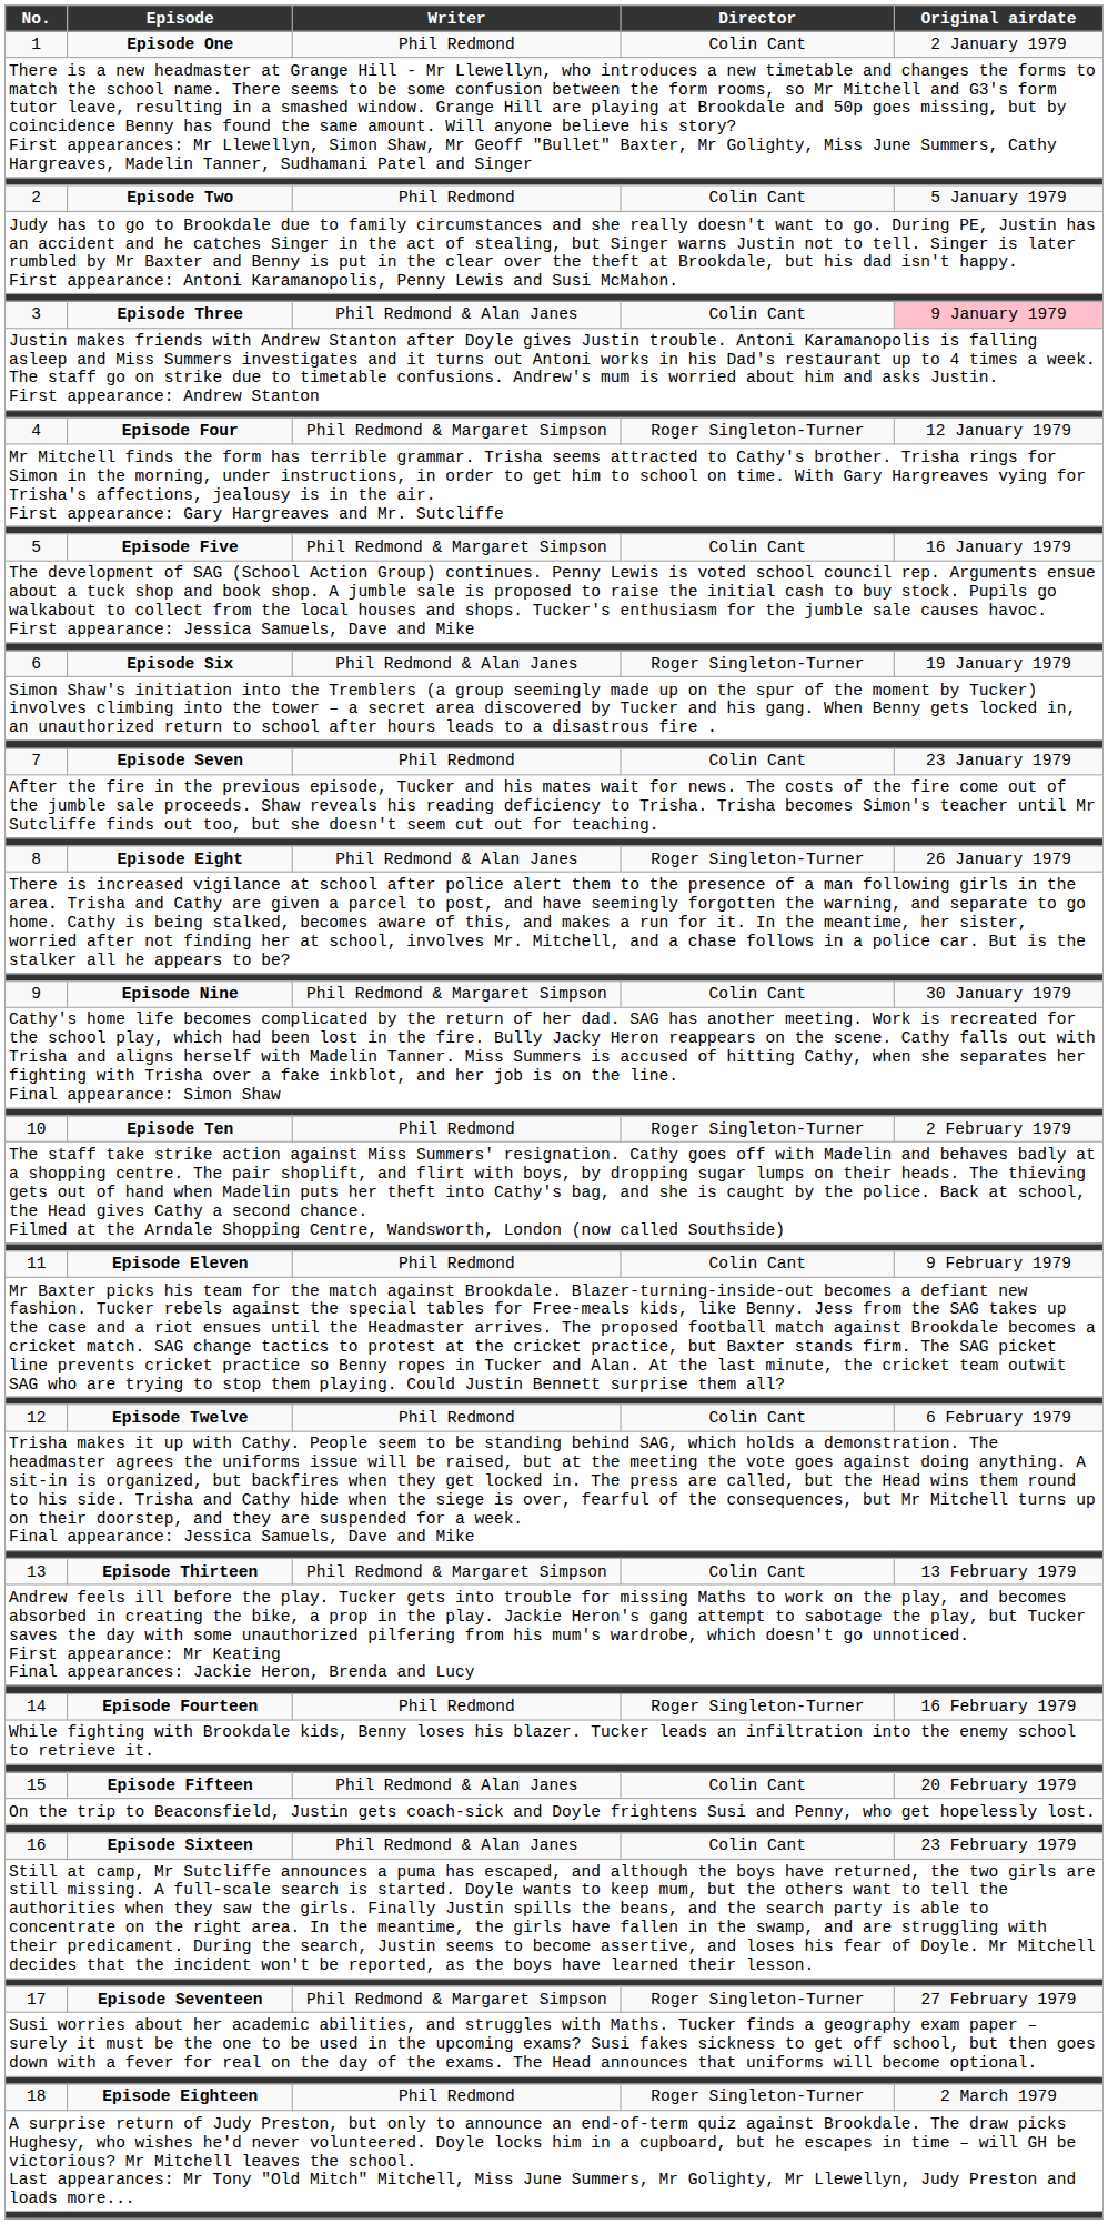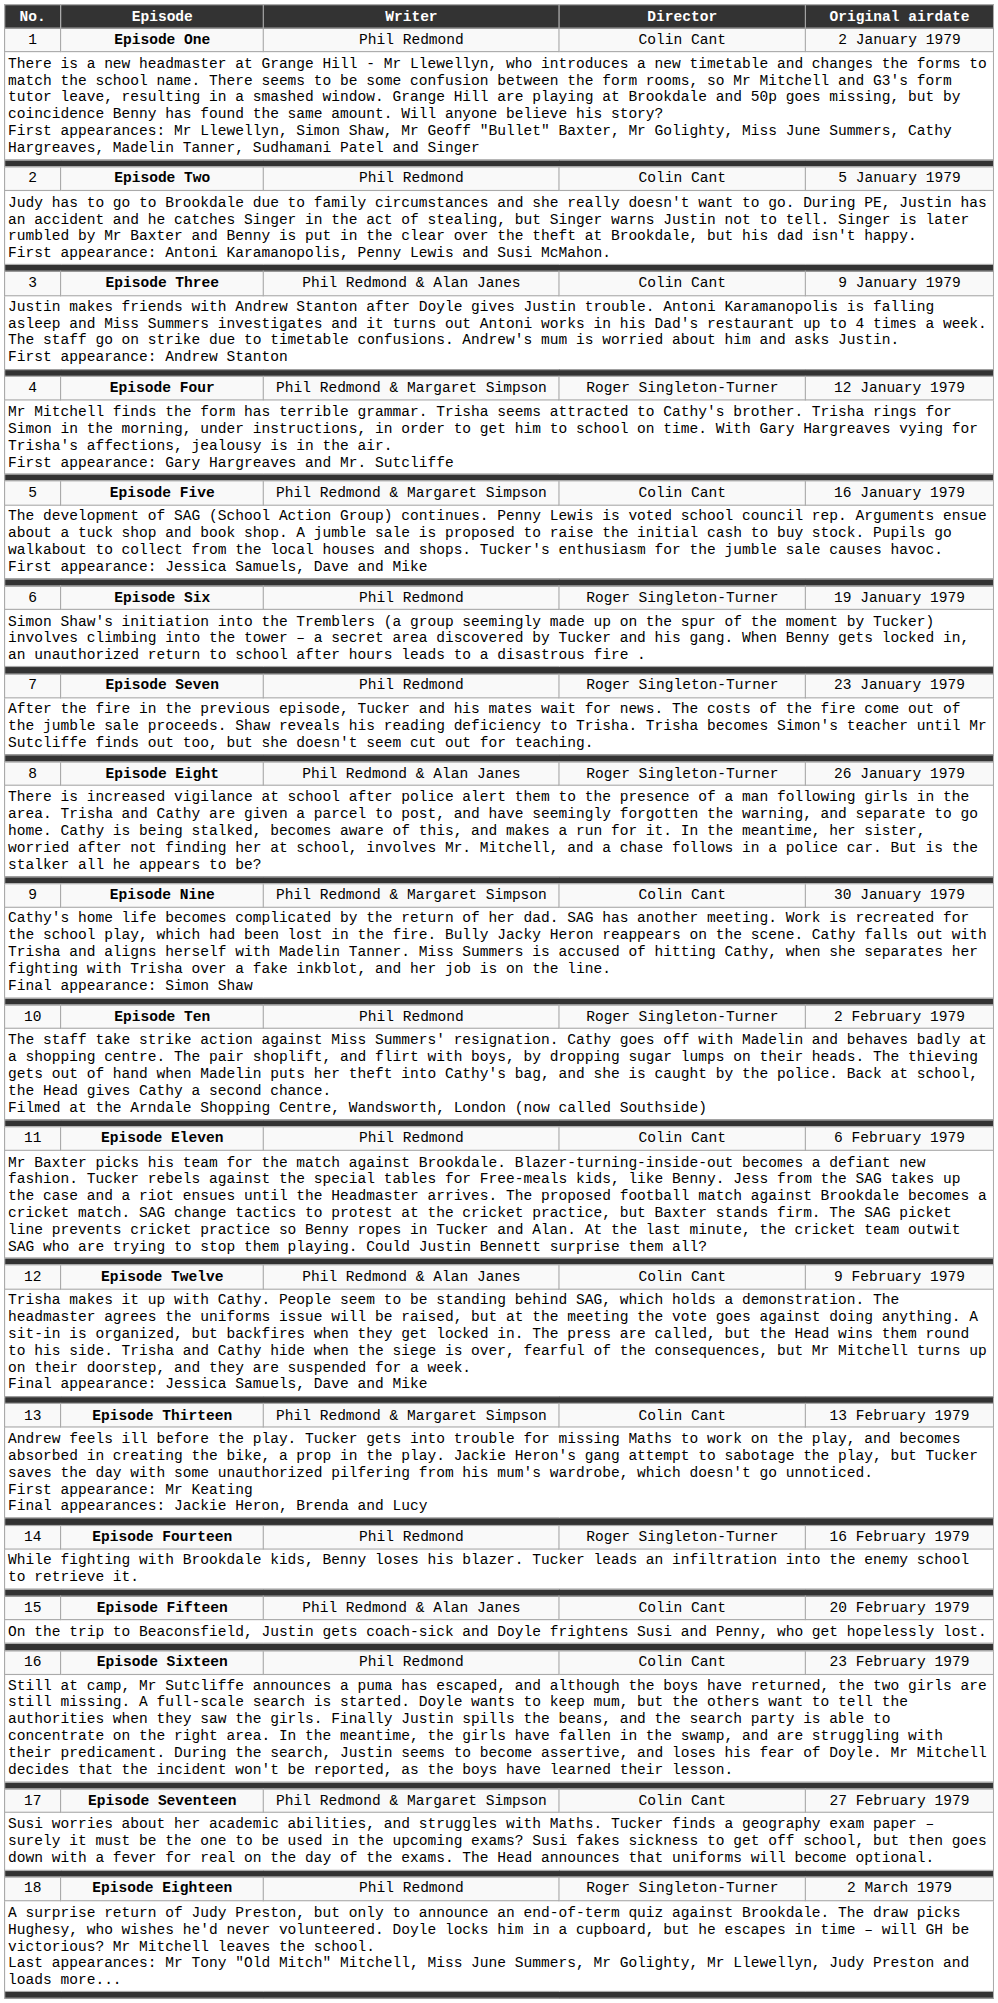 <table class="wikitable" style="width:100%;">
 <tr>
 <th style="background-color: #333333; color:white">No.</th>
 <th style="background: #333333; color:white">Episode</th>
 <th style="background: #333333; color:white">Writer</th>
 <th style="background: #333333; color:white">Director</th>
 <th style="background: #333333; color:white">Original airdate</th>
 </tr>
 <tr>
 <td align="center">1</td>
 <td align="center"><strong>Episode One</strong></td>
 <td align="center">Phil Redmond</td>
 <td align="center">Colin Cant</td>
 <td align="center">2 January 1979</td>
 </tr>
 <tr SPASTIC>
 <td style="background:white" colspan="5">There is a new headmaster at Grange Hill - Mr Llewellyn, who introduces a new timetable and changes the forms to match the school name. There seems to be some confusion between the form rooms, so Mr Mitchell and G3's form tutor leave, resulting in a smashed window. Grange Hill are playing at Brookdale and 50p goes missing, but by coincidence Benny has found the same amount. Will anyone believe his story?<br>First appearances: Mr Llewellyn, Simon Shaw, Mr Geoff "Bullet" Baxter, Mr Golighty, Miss June Summers, Cathy Hargreaves, Madelin Tanner, Sudhamani Patel and Singer</td>
 </tr>
 <tr style="background:#333333; height:2px">
 <td colspan="5"></td>
 </tr>
 <tr>
 <td align="center">2</td>
 <td align="center"><strong>Episode Two</strong></td>
 <td align="center">Phil Redmond</td>
 <td align="center">Colin Cant</td>
 <td align="center">5 January 1979</td>
 </tr>
 <tr>
 <td style="background:white" colspan="5">Judy has to go to Brookdale due to family circumstances and she really doesn't want to go. During PE, Justin has an accident and he catches Singer in the act of stealing, but Singer warns Justin not to tell. Singer is later rumbled by Mr Baxter and Benny is put in the clear over the theft at Brookdale, but his dad isn't happy.<br>First appearance: Antoni Karamanopolis, Penny Lewis and Susi McMahon.</td>
 </tr>
 <tr style="background:#333333; height:2px">
 <td colspan="5"></td>
 </tr>
 <tr>
 <td align="center">3</td>
 <td align="center"><strong>Episode Three</strong></td>
 <td align="center">Phil Redmond & Alan Janes</td>
 <td align="center">Colin Cant</td>
-<td align="center" style="background: pink;">9 January 1979</td>
+<td align="center">9 January 1979</td>
 </tr>
 <tr>
 <td style="background:white" colspan="5">Justin makes friends with Andrew Stanton after Doyle gives Justin trouble. Antoni Karamanopolis is falling asleep and Miss Summers investigates and it turns out Antoni works in his Dad's restaurant up to 4 times a week. The staff go on strike due to timetable confusions. Andrew's mum is worried about him and asks Justin.<br>First appearance: Andrew Stanton</td>
 </tr>
 <tr style="background:#333333; height:2px">
 <td colspan="5"></td>
 </tr>
 <tr>
 <td align="center">4</td>
 <td align="center"><strong>Episode Four</strong></td>
 <td align="center">Phil Redmond & Margaret Simpson</td>
 <td align="center">Roger Singleton-Turner</td>
 <td align="center">12 January 1979</td>
 </tr>
 <tr>
 <td style="background:white" colspan="5">Mr Mitchell finds the form has terrible grammar. Trisha seems attracted to Cathy's brother. Trisha rings for Simon in the morning, under instructions, in order to get him to school on time. With Gary Hargreaves vying for Trisha's affections, jealousy is in the air.<br>First appearance: Gary Hargreaves and Mr. Sutcliffe</td>
 </tr>
 <tr style="background:#333333; height:2px">
 <td colspan="5"></td>
 </tr>
 <tr>
 <td align="center">5</td>
 <td align="center"><strong>Episode Five</strong></td>
 <td align="center">Phil Redmond & Margaret Simpson</td>
 <td align="center">Colin Cant</td>
 <td align="center">16 January 1979</td>
 </tr>
 <tr>
 <td style="background:white" colspan="5">The development of SAG (School Action Group) continues. Penny Lewis is voted school council rep. Arguments ensue about a tuck shop and book shop. A jumble sale is proposed to raise the initial cash to buy stock. Pupils go walkabout to collect from the local houses and shops. Tucker's enthusiasm for the jumble sale causes havoc.<br>First appearance: Jessica Samuels, Dave and Mike</td>
 </tr>
 <tr style="background:#333333; height:2px">
 <td colspan="5"></td>
 </tr>
 <tr>
 <td align="center">6</td>
 <td align="center"><strong>Episode Six</strong></td>
-<td align="center">Phil Redmond & Alan Janes</td>
+<td align="center">Phil Redmond</td>
 <td align="center">Roger Singleton-Turner</td>
 <td align="center">19 January 1979</td>
 </tr>
 <tr>
 <td style="background:white" colspan="5">Simon Shaw's initiation into the Tremblers (a group seemingly made up on the spur of the moment by Tucker) involves climbing into the tower – a secret area discovered by Tucker and his gang. When Benny gets locked in, an unauthorized return to school after hours leads to a disastrous fire .</td>
 </tr>
 <tr style="background:#333333; height:2px">
 <td colspan="5"></td>
 </tr>
 <tr>
 <td align="center">7</td>
 <td align="center"><strong>Episode Seven</strong></td>
 <td align="center">Phil Redmond</td>
-<td align="center">Colin Cant</td>
+<td align="center">Roger Singleton-Turner</td>
 <td align="center">23 January 1979</td>
 </tr>
 <tr>
 <td style="background:white" colspan="5">After the fire in the previous episode, Tucker and his mates wait for news. The costs of the fire come out of the jumble sale proceeds. Shaw reveals his reading deficiency to Trisha. Trisha becomes Simon's teacher until Mr Sutcliffe finds out too, but she doesn't seem cut out for teaching.</td>
 </tr>
 <tr style="background:#333333; height:2px">
 <td colspan="5"></td>
 </tr>
 <tr>
 <td align="center">8</td>
 <td align="center"><strong>Episode Eight</strong></td>
 <td align="center">Phil Redmond & Alan Janes</td>
 <td align="center">Roger Singleton-Turner</td>
 <td align="center">26 January 1979</td>
 </tr>
 <tr>
 <td style="background:white" colspan="5">There is increased vigilance at school after police alert them to the presence of a man following girls in the area. Trisha and Cathy are given a parcel to post, and have seemingly forgotten the warning, and separate to go home. Cathy is being stalked, becomes aware of this, and makes a run for it. In the meantime, her sister, worried after not finding her at school, involves Mr. Mitchell, and a chase follows in a police car. But is the stalker all he appears to be?</td>
 </tr>
 <tr style="background:#333333; height:2px">
 <td colspan="5"></td>
 </tr>
 <tr>
 <td align="center">9</td>
 <td align="center"><strong>Episode Nine</strong></td>
 <td align="center">Phil Redmond & Margaret Simpson</td>
 <td align="center">Colin Cant</td>
 <td align="center">30 January 1979</td>
 </tr>
 <tr>
 <td style="background:white" colspan="5">Cathy's home life becomes complicated by the return of her dad. SAG has another meeting. Work is recreated for the school play, which had been lost in the fire. Bully Jacky Heron reappears on the scene. Cathy falls out with Trisha and aligns herself with Madelin Tanner. Miss Summers is accused of hitting Cathy, when she separates her fighting with Trisha over a fake inkblot, and her job is on the line.<br>Final appearance: Simon Shaw</td>
 </tr>
 <tr style="background:#333333; height:2px">
 <td colspan="5"></td>
 </tr>
 <tr>
 <td align="center">10</td>
 <td align="center"><strong>Episode Ten</strong></td>
 <td align="center">Phil Redmond</td>
 <td align="center">Roger Singleton-Turner</td>
 <td align="center">2 February 1979</td>
 </tr>
 <tr>
 <td style="background:white" colspan="5">The staff take strike action against Miss Summers' resignation. Cathy goes off with Madelin and behaves badly at a shopping centre. The pair shoplift, and flirt with boys, by dropping sugar lumps on their heads. The thieving gets out of hand when Madelin puts her theft into Cathy's bag, and she is caught by the police. Back at school, the Head gives Cathy a second chance.<br>Filmed at the Arndale Shopping Centre, Wandsworth, London (now called Southside)</td>
 </tr>
 <tr style="background:#333333; height:2px">
 <td colspan="5"></td>
 </tr>
 <tr>
 <td align="center">11</td>
 <td align="center"><strong>Episode Eleven</strong></td>
 <td align="center">Phil Redmond</td>
 <td align="center">Colin Cant</td>
-<td align="center">9 February 1979</td>
+<td align="center">6 February 1979</td>
 </tr>
 <tr>
 <td style="background:white" colspan="5">Mr Baxter picks his team for the match against Brookdale. Blazer-turning-inside-out becomes a defiant new fashion. Tucker rebels against the special tables for Free-meals kids, like Benny. Jess from the SAG takes up the case and a riot ensues until the Headmaster arrives. The proposed football match against Brookdale becomes a cricket match. SAG change tactics to protest at the cricket practice, but Baxter stands firm. The SAG picket line prevents cricket practice so Benny ropes in Tucker and Alan. At the last minute, the cricket team outwit SAG who are trying to stop them playing. Could Justin Bennett surprise them all?</td>
 </tr>
 <tr style="background:#333333; height:2px">
 <td colspan="5"></td>
 </tr>
 <tr>
 <td align="center">12</td>
 <td align="center"><strong>Episode Twelve</strong></td>
-<td align="center">Phil Redmond</td>
+<td align="center">Phil Redmond & Alan Janes</td>
 <td align="center">Colin Cant</td>
-<td align="center">6 February 1979</td>
+<td align="center">9 February 1979</td>
 </tr>
 <tr>
 <td style="background:white" colspan="5">Trisha makes it up with Cathy. People seem to be standing behind SAG, which holds a demonstration. The headmaster agrees the uniforms issue will be raised, but at the meeting the vote goes against doing anything. A sit-in is organized, but backfires when they get locked in. The press are called, but the Head wins them round to his side. Trisha and Cathy hide when the siege is over, fearful of the consequences, but Mr Mitchell turns up on their doorstep, and they are suspended for a week.<br>Final appearance: Jessica Samuels, Dave and Mike</td>
 </tr>
 <tr style="background:#333333; height:2px">
 <td colspan="5"></td>
 </tr>
 <tr>
 <td align="center">13</td>
 <td align="center"><strong>Episode Thirteen</strong></td>
 <td align="center">Phil Redmond & Margaret Simpson</td>
 <td align="center">Colin Cant</td>
 <td align="center">13 February 1979</td>
 </tr>
 <tr>
 <td style="background:white" colspan="5">Andrew feels ill before the play. Tucker gets into trouble for missing Maths to work on the play, and becomes absorbed in creating the bike, a prop in the play. Jackie Heron's gang attempt to sabotage the play, but Tucker saves the day with some unauthorized pilfering from his mum's wardrobe, which doesn't go unnoticed.<br>First appearance: Mr Keating<br> Final appearances: Jackie Heron, Brenda and Lucy</td>
 </tr>
 <tr style="background:#333333; height:2px">
 <td colspan="5"></td>
 </tr>
 <tr>
 <td align="center">14</td>
 <td align="center"><strong>Episode Fourteen</strong></td>
 <td align="center">Phil Redmond</td>
 <td align="center">Roger Singleton-Turner</td>
 <td align="center">16 February 1979</td>
 </tr>
 <tr>
 <td style="background:white" colspan="5">While fighting with Brookdale kids, Benny loses his blazer. Tucker leads an infiltration into the enemy school to retrieve it.</td>
 </tr>
 <tr style="background:#333333; height:2px">
 <td colspan="5"></td>
 </tr>
 <tr>
 <td align="center">15</td>
 <td align="center"><strong>Episode Fifteen</strong></td>
 <td align="center">Phil Redmond & Alan Janes</td>
 <td align="center">Colin Cant</td>
 <td align="center">20 February 1979</td>
 </tr>
 <tr>
 <td style="background:white" colspan="5">On the trip to Beaconsfield, Justin gets coach-sick and Doyle frightens Susi and Penny, who get hopelessly lost.</td>
 </tr>
 <tr style="background:#333333; height:2px">
 <td colspan="5"></td>
 </tr>
 <tr>
 <td align="center">16</td>
 <td align="center"><strong>Episode Sixteen</strong></td>
-<td align="center">Phil Redmond & Alan Janes</td>
+<td align="center">Phil Redmond</td>
 <td align="center">Colin Cant</td>
 <td align="center">23 February 1979</td>
 </tr>
 <tr>
 <td style="background:white" colspan="5">Still at camp, Mr Sutcliffe announces a puma has escaped, and although the boys have returned, the two girls are still missing. A full-scale search is started. Doyle wants to keep mum, but the others want to tell the authorities when they saw the girls. Finally Justin spills the beans, and the search party is able to concentrate on the right area. In the meantime, the girls have fallen in the swamp, and are struggling with their predicament. During the search, Justin seems to become assertive, and loses his fear of Doyle. Mr Mitchell decides that the incident won't be reported, as the boys have learned their lesson.</td>
 </tr>
 <tr style="background:#333333; height:2px">
 <td colspan="5"></td>
 </tr>
 <tr>
 <td align="center">17</td>
 <td align="center"><strong>Episode Seventeen</strong></td>
 <td align="center">Phil Redmond & Margaret Simpson</td>
-<td align="center">Roger Singleton-Turner</td>
+<td align="center">Colin Cant</td>
 <td align="center">27 February 1979</td>
 </tr>
 <tr>
 <td style="background:white" colspan="5">Susi worries about her academic abilities, and struggles with Maths. Tucker finds a geography exam paper – surely it must be the one to be used in the upcoming exams? Susi fakes sickness to get off school, but then goes down with a fever for real on the day of the exams. The Head announces that uniforms will become optional.</td>
 </tr>
 <tr style="background:#333333; height:2px">
 <td colspan="5"></td>
 </tr>
 <tr>
 <td align="center">18</td>
 <td align="center"><strong>Episode Eighteen</strong></td>
 <td align="center">Phil Redmond</td>
 <td align="center">Roger Singleton-Turner</td>
 <td align="center">2 March 1979</td>
 </tr>
 <tr>
 <td style="background:white" colspan="5">A surprise return of Judy Preston, but only to announce an end-of-term quiz against Brookdale. The draw picks Hughesy, who wishes he'd never volunteered. Doyle locks him in a cupboard, but he escapes in time – will GH be victorious? Mr Mitchell leaves the school.<br>Last appearances: Mr Tony "Old Mitch" Mitchell, Miss June Summers, Mr Golighty, Mr Llewellyn, Judy Preston and loads more...</td>
 </tr>
 <tr style="background:#333333; height:2px">
 <td colspan="5"></td>
 </tr>
 </table>
